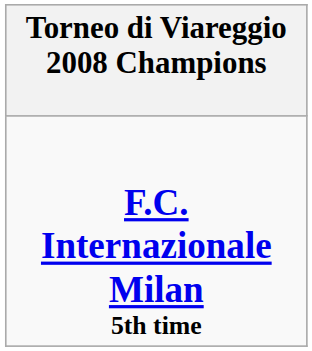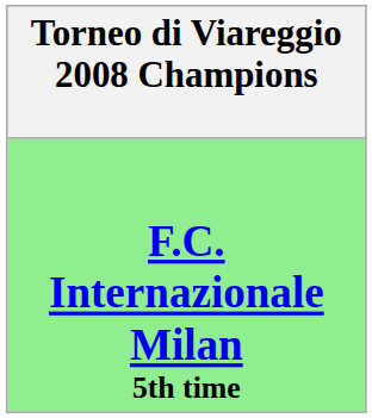 <table class="wikitable" style="margin: 0 auto; width: 30%;">
 <tr>
 <th><big>Torneo di Viareggio 2008 Champions</big><br><br></th>
 </tr>
 <tr>
-<td align=center><br><br><big><big><strong><a href='#'>F.C. Internazionale Milan</a></strong><br></big></big><strong>5th time</strong></td>
+<td align=center style="background: lightgreen;"><br><br><big><big><strong><a href='#'>F.C. Internazionale Milan</a></strong><br></big></big><strong>5th time</strong></td>
 </tr>
 </table>
